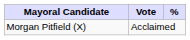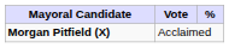 <table class="wikitable">
 <tr>
 <th style="background:#ddf; width:200px;">Mayoral Candidate</th>
 <th style="background:#ddf; width:50px;">Vote</th>
 <th style="background:#ddf; width:30px;">%</th>
 </tr>
 <tr>
-<td>Morgan Pitfield (X)</td>
+<td><strong>Morgan Pitfield (X)</strong></td>
 <td colspan="2">Acclaimed</td>
 </tr>
 </table>
